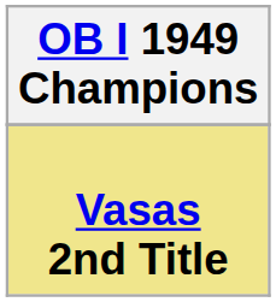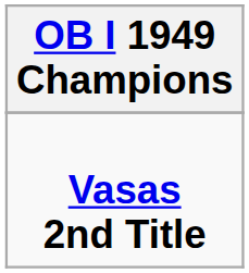 <table class="wikitable" style="text-align: center; margin: 0 auto;">
 <tr>
 <th><a href='#'>OB I</a> 1949<br>Champions</th>
 </tr>
 <tr>
 </tr>
 <tr>
-<td style="background: khaki;"> <br><strong><a href='#'>Vasas</a></strong><br><strong>2nd Title</strong></td>
+<td> <br><strong><a href='#'>Vasas</a></strong><br><strong>2nd Title</strong></td>
 </tr>
 </table>
